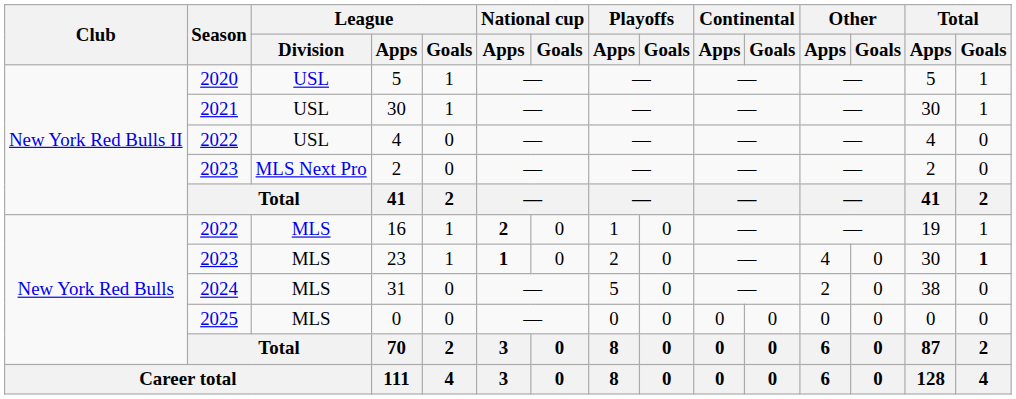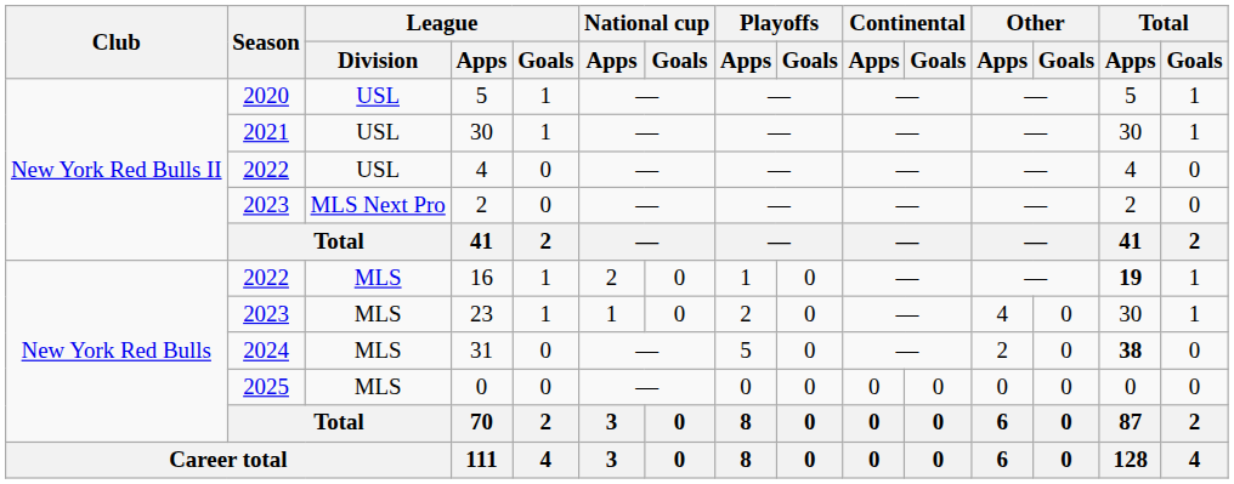 <table class=wikitable style=text-align:center>
 <tr>
 <th rowspan=2>Club</th>
 <th rowspan=2>Season</th>
 <th colspan=3>League</th>
 <th colspan=2>National cup</th>
 <th colspan=2>Playoffs</th>
 <th colspan=2>Continental</th>
 <th colspan=2>Other</th>
 <th colspan=2>Total</th>
 </tr>
 <tr>
 <th>Division</th>
 <th>Apps</th>
 <th>Goals</th>
 <th>Apps</th>
 <th>Goals</th>
 <th>Apps</th>
 <th>Goals</th>
 <th>Apps</th>
 <th>Goals</th>
 <th>Apps</th>
 <th>Goals</th>
 <th>Apps</th>
 <th>Goals</th>
 </tr>
 <tr>
 <td rowspan=5><a href='#'>New York Red Bulls II</a></td>
 <td><a href='#'>2020</a></td>
 <td><a href='#'>USL</a></td>
 <td>5</td>
 <td>1</td>
 <td colspan=2>—</td>
 <td colspan=2>—</td>
 <td colspan=2>—</td>
 <td colspan=2>—</td>
 <td>5</td>
 <td>1</td>
 </tr>
 <tr>
 <td><a href='#'>2021</a></td>
 <td>USL</td>
 <td>30</td>
 <td>1</td>
 <td colspan=2>—</td>
 <td colspan=2>—</td>
 <td colspan=2>—</td>
 <td colspan=2>—</td>
 <td>30</td>
 <td>1</td>
 </tr>
 <tr>
 <td><a href='#'>2022</a></td>
 <td>USL</td>
 <td>4</td>
 <td>0</td>
 <td colspan=2>—</td>
 <td colspan=2>—</td>
 <td colspan=2>—</td>
 <td colspan=2>—</td>
 <td>4</td>
 <td>0</td>
 </tr>
 <tr>
 <td><a href='#'>2023</a></td>
 <td><a href='#'>MLS Next Pro</a></td>
 <td>2</td>
 <td>0</td>
 <td colspan=2>—</td>
 <td colspan=2>—</td>
 <td colspan=2>—</td>
 <td colspan=2>—</td>
 <td>2</td>
 <td>0</td>
 </tr>
 <tr>
 <th colspan=2>Total</th>
 <th>41</th>
 <th>2</th>
 <th colspan=2>—</th>
 <th colspan=2>—</th>
 <th colspan=2>—</th>
 <th colspan=2>—</th>
 <th>41</th>
 <th>2</th>
 </tr>
 <tr>
 <td rowspan=5><a href='#'>New York Red Bulls</a></td>
 <td><a href='#'>2022</a></td>
 <td><a href='#'>MLS</a></td>
 <td>16</td>
 <td>1</td>
-<td><strong>2</strong></td>
+<td>2</td>
 <td>0</td>
 <td>1</td>
 <td>0</td>
 <td colspan=2>—</td>
 <td colspan=2>—</td>
-<td>19</td>
+<td><strong>19</strong></td>
 <td>1</td>
 </tr>
 <tr>
 <td><a href='#'>2023</a></td>
 <td>MLS</td>
 <td>23</td>
 <td>1</td>
-<td><strong>1</strong></td>
+<td>1</td>
 <td>0</td>
 <td>2</td>
 <td>0</td>
 <td colspan=2>—</td>
 <td>4</td>
 <td>0</td>
 <td>30</td>
-<td><strong>1</strong></td>
+<td>1</td>
 </tr>
 <tr>
 <td><a href='#'>2024</a></td>
 <td>MLS</td>
 <td>31</td>
 <td>0</td>
 <td colspan="2">—</td>
 <td>5</td>
 <td>0</td>
 <td colspan=2>—</td>
 <td>2</td>
 <td>0</td>
-<td>38</td>
+<td><strong>38</strong></td>
 <td>0</td>
 </tr>
 <tr>
 <td><a href='#'>2025</a></td>
 <td>MLS</td>
 <td>0</td>
 <td>0</td>
 <td colspan=2>—</td>
 <td>0</td>
 <td>0</td>
 <td>0</td>
 <td>0</td>
 <td>0</td>
 <td>0</td>
 <td>0</td>
 <td>0</td>
 </tr>
 <tr>
 <th colspan=2>Total</th>
 <th>70</th>
 <th>2</th>
 <th>3</th>
 <th>0</th>
 <th>8</th>
 <th>0</th>
 <th>0</th>
 <th>0</th>
 <th>6</th>
 <th>0</th>
 <th>87</th>
 <th>2</th>
 </tr>
 <tr>
 <th colspan=3>Career total</th>
 <th>111</th>
 <th>4</th>
 <th>3</th>
 <th>0</th>
 <th>8</th>
 <th>0</th>
 <th>0</th>
 <th>0</th>
 <th>6</th>
 <th>0</th>
 <th>128</th>
 <th>4</th>
 </tr>
 </table>
